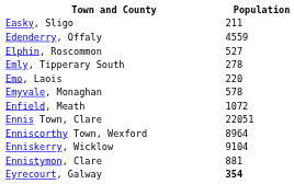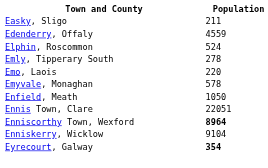 <table>
 <tr>
 <th style="width:300px;align:left;">Town and County</th>
 <th style="width:100px;align:right;">Population</th>
 </tr>
 <tr>
 <td><a href='#'>Easky</a>, Sligo</td>
 <td>211</td>
 </tr>
 <tr>
 <td><a href='#'>Edenderry</a>, Offaly</td>
 <td>4559</td>
 </tr>
 <tr>
 <td><a href='#'>Elphin</a>, Roscommon</td>
-<td>527</td>
+<td>524</td>
 </tr>
 <tr>
 <td><a href='#'>Emly</a>, Tipperary South</td>
 <td>278</td>
 </tr>
 <tr>
 <td><a href='#'>Emo</a>, Laois</td>
 <td>220</td>
 </tr>
 <tr>
 <td><a href='#'>Emyvale</a>, Monaghan</td>
 <td>578</td>
 </tr>
 <tr>
 <td><a href='#'>Enfield</a>, Meath</td>
-<td>1072</td>
+<td>1050</td>
 </tr>
 <tr>
 <td><a href='#'>Ennis</a> Town, Clare</td>
 <td>22051</td>
 </tr>
 <tr>
 <td><a href='#'>Enniscorthy</a> Town, Wexford</td>
-<td>8964</td>
+<td><strong>8964</strong></td>
 </tr>
 <tr>
 <td><a href='#'>Enniskerry</a>, Wicklow</td>
 <td>9104</td>
 </tr>
 <tr>
-<td><a href='#'>Ennistymon</a>, Clare</td>
-<td>881</td>
-</tr>
-<tr>
 <td><a href='#'>Eyrecourt</a>, Galway</td>
 <td><strong>354</strong></td>
 </tr>
 </table>
